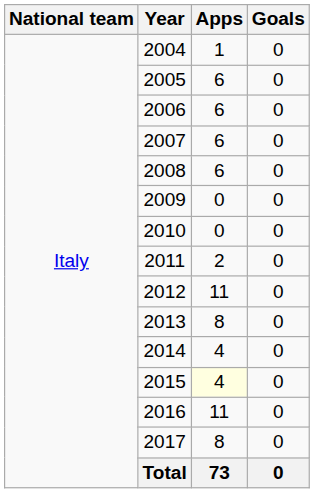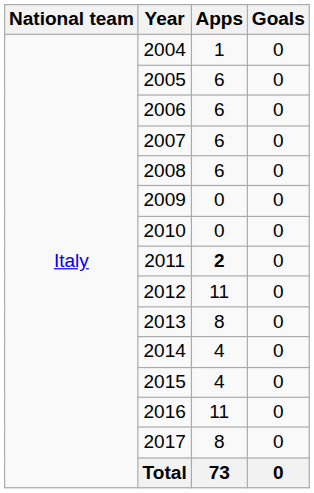 <table class="wikitable" style="text-align:center">
 <tr>
 <th>National team</th>
 <th>Year</th>
 <th>Apps</th>
 <th>Goals</th>
 </tr>
 <tr>
 <td rowspan="15"><a href='#'>Italy</a></td>
 <td>2004</td>
 <td>1</td>
 <td>0</td>
 </tr>
 <tr>
 <td>2005</td>
 <td>6</td>
 <td>0</td>
 </tr>
 <tr>
 <td>2006</td>
 <td>6</td>
 <td>0</td>
 </tr>
 <tr>
 <td>2007</td>
 <td>6</td>
 <td>0</td>
 </tr>
 <tr>
 <td>2008</td>
 <td>6</td>
 <td>0</td>
 </tr>
 <tr>
 <td>2009</td>
 <td>0</td>
 <td>0</td>
 </tr>
 <tr>
 <td>2010</td>
 <td>0</td>
 <td>0</td>
 </tr>
 <tr>
 <td>2011</td>
-<td>2</td>
+<td><strong>2</strong></td>
 <td>0</td>
 </tr>
 <tr>
 <td>2012</td>
 <td>11</td>
 <td>0</td>
 </tr>
 <tr>
 <td>2013</td>
 <td>8</td>
 <td>0</td>
 </tr>
 <tr>
 <td>2014</td>
 <td>4</td>
 <td>0</td>
 </tr>
 <tr>
 <td>2015</td>
-<td style="background: lightyellow;">4</td>
+<td>4</td>
 <td>0</td>
 </tr>
 <tr>
 <td>2016</td>
 <td>11</td>
 <td>0</td>
 </tr>
 <tr>
 <td>2017</td>
 <td>8</td>
 <td>0</td>
 </tr>
 <tr>
 <th>Total</th>
 <th>73</th>
 <th>0</th>
 </tr>
 </table>
